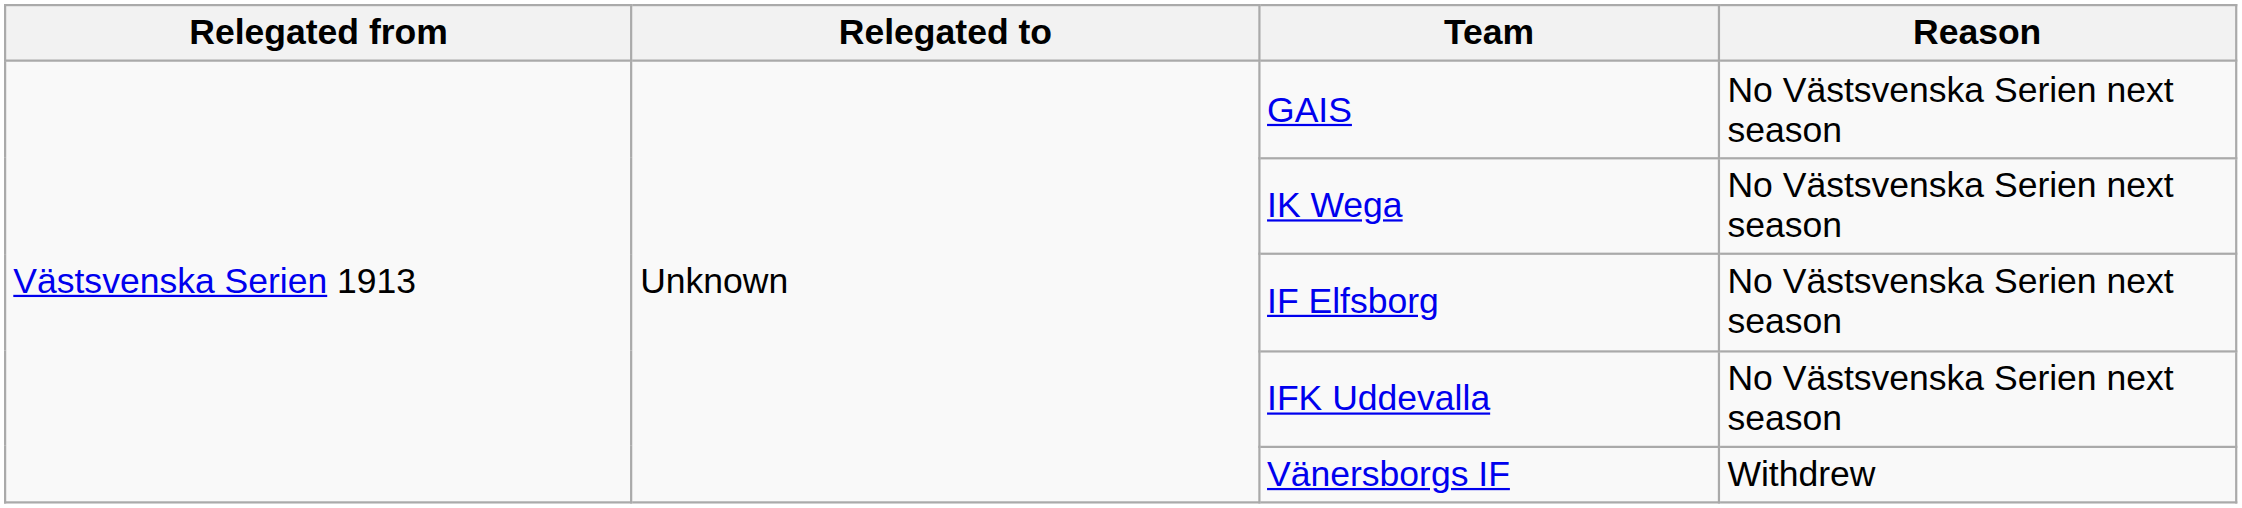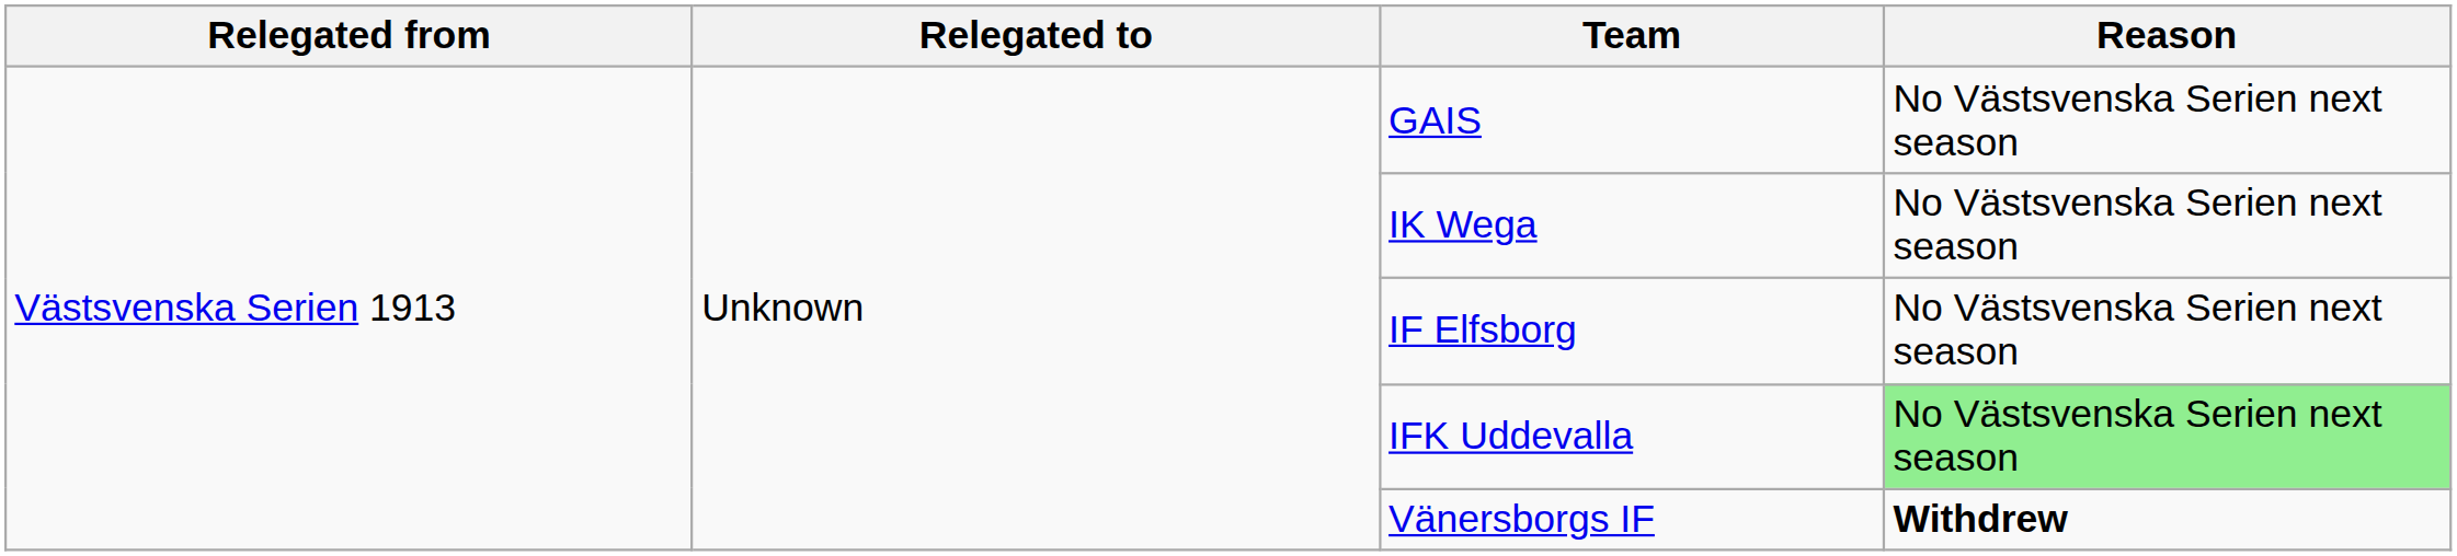 <table class="wikitable" style="text-align: left;">
 <tr>
 <th style="width: 275px;">Relegated from</th>
 <th style="width: 275px;">Relegated to</th>
 <th style="width: 200px;">Team</th>
 <th style="width: 225px;">Reason</th>
 </tr>
 <tr>
 <td rowspan=5><a href='#'>Västsvenska Serien</a> 1913</td>
 <td rowspan=5>Unknown</td>
 <td><a href='#'>GAIS</a></td>
 <td>No Västsvenska Serien next season</td>
 </tr>
 <tr>
 <td><a href='#'>IK Wega</a></td>
 <td>No Västsvenska Serien next season</td>
 </tr>
 <tr>
 <td><a href='#'>IF Elfsborg</a></td>
 <td>No Västsvenska Serien next season</td>
 </tr>
 <tr>
 <td><a href='#'>IFK Uddevalla</a></td>
-<td>No Västsvenska Serien next season</td>
+<td style="background: lightgreen;">No Västsvenska Serien next season</td>
 </tr>
 <tr>
 <td><a href='#'>Vänersborgs IF</a></td>
-<td>Withdrew</td>
+<td><strong>Withdrew</strong></td>
 </tr>
 </table>
